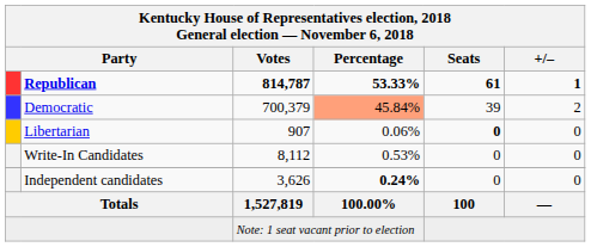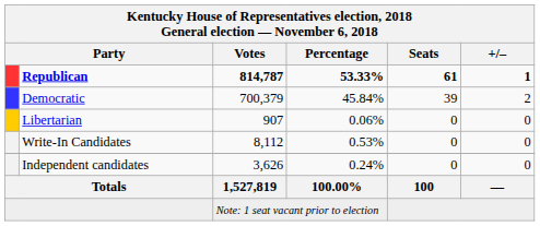 <table class="wikitable" style="font-size:95%;">
 <tr>
 <th colspan="7">Kentucky House of Representatives election, 2018<br>General election — November 6, 2018</th>
 </tr>
 <tr>
 <th colspan=2 style="width: 15em">Party</th>
 <th style="width: 5em">Votes</th>
 <th style="width: 7em">Percentage</th>
 <th style="width: 5em">Seats</th>
 <th style="width: 5em">+/–</th>
 </tr>
 <tr>
 <th style="background-color:#F33; width: 3px"></th>
 <td style="width: 130px"><strong><a href='#'>Republican</a></strong></td>
 <td align="right"><strong>814,787</strong></td>
 <td align="right"><strong>53.33%</strong></td>
 <td align="right"><strong>61</strong></td>
 <td align="right"><strong> 1</strong></td>
 </tr>
 <tr>
 <th style="background-color:#33F; width: 3px"></th>
 <td style="width: 130px"><a href='#'>Democratic</a></td>
 <td align="right">700,379</td>
-<td align="right" style="background: lightsalmon;">45.84%</td>
+<td align="right">45.84%</td>
 <td align="right">39</td>
 <td align="right"> 2</td>
 </tr>
 <tr>
 <th style="background-color:#FC0; width: 3px"></th>
 <td style="width: 130px"><a href='#'>Libertarian</a></td>
 <td align="right">907</td>
 <td align="right">0.06%</td>
-<td align="right"><strong>0</strong></td>
+<td align="right">0</td>
 <td align="right">0</td>
 </tr>
 <tr>
 <th style="background-color:#white; width: 3px"></th>
 <td style="width: 130px">Write-In Candidates</td>
 <td align="right">8,112</td>
 <td align="right">0.53%</td>
 <td align="right">0</td>
 <td align="right">0</td>
 </tr>
 <tr bgcolor="#EEEEEE">
 </tr>
 <tr>
 <th style="background-color:#dark_grey; width: 3px"></th>
 <td style="width: 130px">Independent candidates</td>
 <td align="right">3,626</td>
-<td align="right"><strong>0.24%</strong></td>
+<td align="right">0.24%</td>
 <td align="right">0</td>
 <td align="right">0</td>
 </tr>
 <tr bgcolor="#EEEEEE">
 <th colspan="2" align="right">Totals</th>
 <th align="right">1,527,819</th>
 <th align="right">100.00%</th>
 <th align="right">100</th>
 <th align="right">—</th>
 </tr>
 <tr bgcolor="#EEEEEE">
 <td colspan="2" align="right"></td>
 <td colspan="2"><small><em>Note: 1 seat vacant prior to election</em></small></td>
 <td colspan="2" align="right"></td>
 </tr>
 </table>
